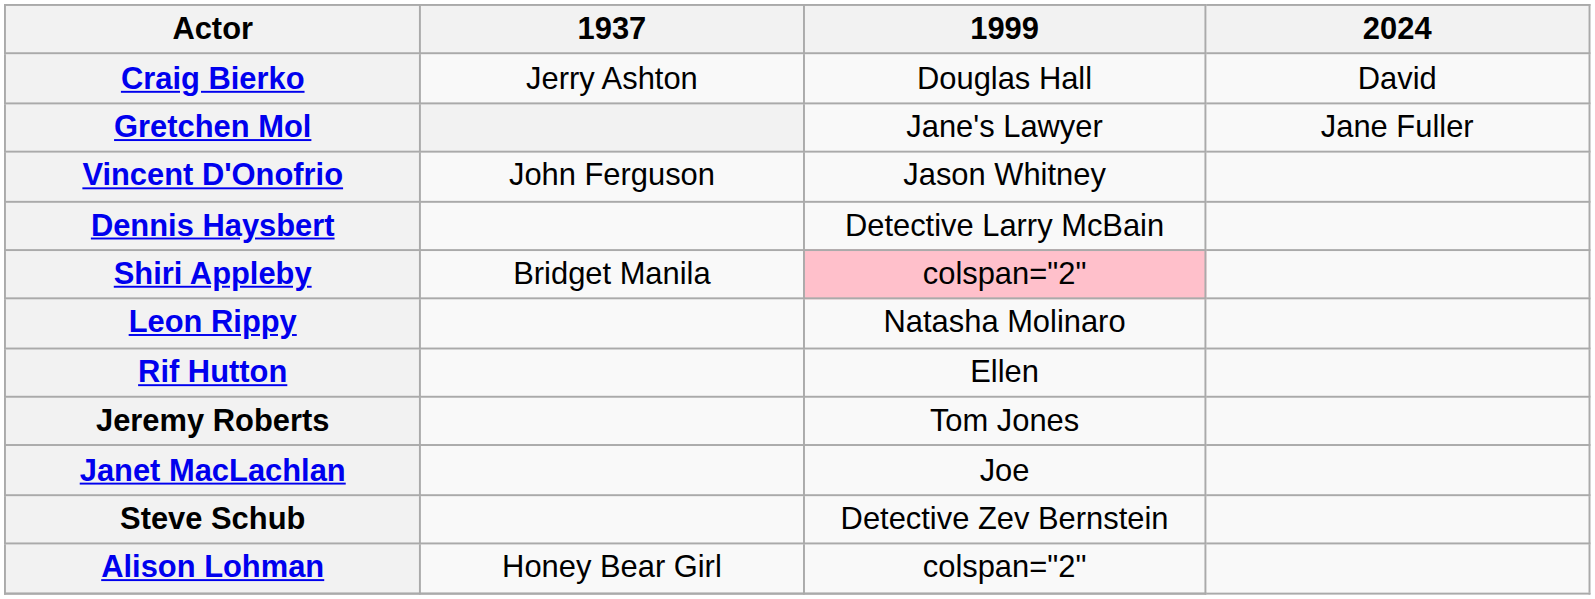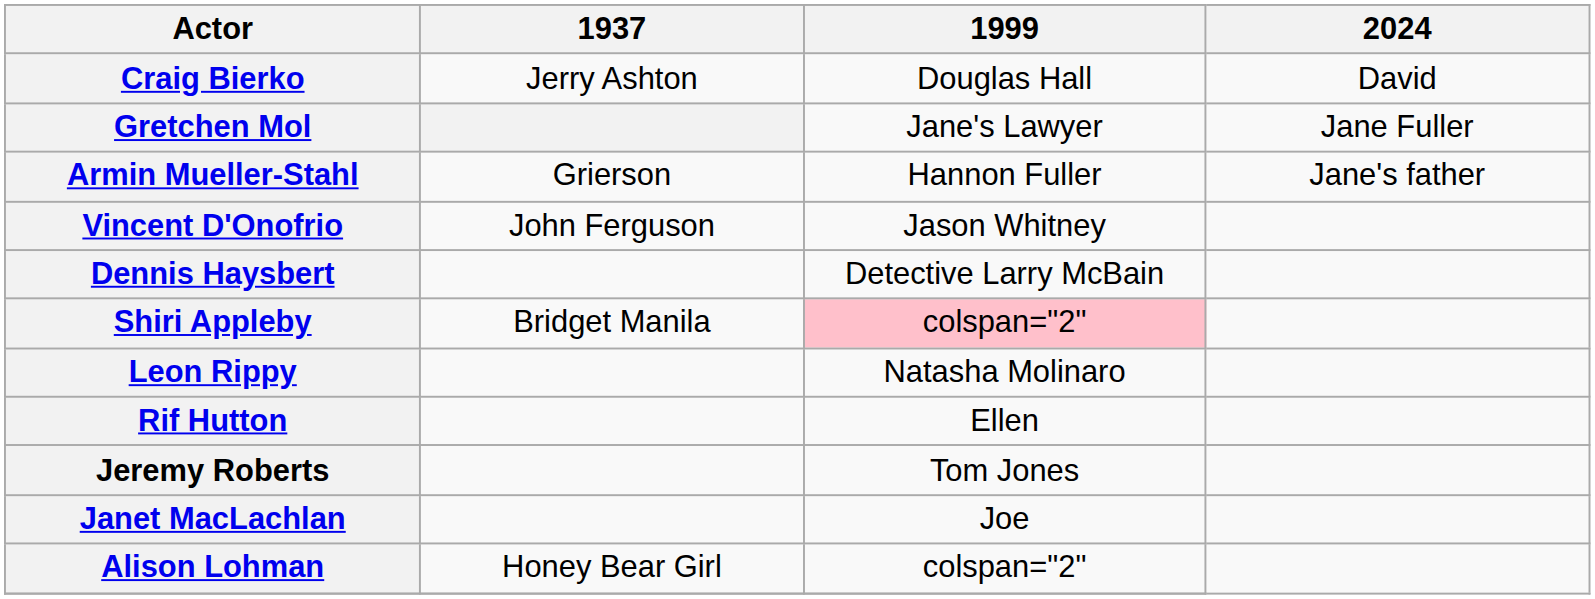 <table class="wikitable" width="65%" style="text-align:center;">
 <tr>
 <th align="center" width="10%">Actor</th>
 <th align="center" width="10%">1937</th>
 <th align="center" width="10%">1999</th>
 <th align="center" width="10%">2024</th>
 </tr>
 <tr>
 <th scope="row"><a href='#'>Craig Bierko</a></th>
 <td>Jerry Ashton</td>
 <td>Douglas Hall</td>
 <td>David</td>
 </tr>
 <tr>
 <th scope="row"><a href='#'>Gretchen Mol</a></th>
 <th></th>
 <td>Jane's Lawyer</td>
 <td>Jane Fuller</td>
+</tr>
+<tr>
+<th scope="row"><a href='#'>Armin Mueller-Stahl</a></th>
+<td>Grierson</td>
+<td>Hannon Fuller</td>
+<td>Jane's father</td>
 </tr>
 <tr>
 <th scope="row"><a href='#'>Vincent D'Onofrio</a></th>
 <td>John Ferguson</td>
 <td>Jason Whitney</td>
 <td></td>
 </tr>
 <tr>
 <th scope="row"><a href='#'>Dennis Haysbert</a></th>
 <td></td>
 <td>Detective Larry McBain</td>
 <td></td>
 </tr>
 <tr>
 <th scope="row"><a href='#'>Shiri Appleby</a></th>
 <td>Bridget Manila</td>
 <td style="background: pink;">colspan="2" </td>
 </tr>
 <tr>
 <th scope="row"><a href='#'>Leon Rippy</a></th>
 <td></td>
 <td>Natasha Molinaro</td>
 <td></td>
 </tr>
 <tr>
 <th scope="row"><a href='#'>Rif Hutton</a></th>
 <td></td>
 <td>Ellen</td>
 <td></td>
 </tr>
 <tr>
 <th scope="row">Jeremy Roberts</th>
 <td></td>
 <td>Tom Jones</td>
 <td></td>
 </tr>
 <tr>
 <th scope="row"><a href='#'>Janet MacLachlan</a></th>
 <td></td>
 <td>Joe</td>
 <td></td>
 </tr>
 <tr>
-<th scope="row">Steve Schub</th>
-<td></td>
-<td>Detective Zev Bernstein</td>
-<td></td>
-</tr>
-<tr>
 <th scope="row"><a href='#'>Alison Lohman</a></th>
 <td>Honey Bear Girl</td>
 <td>colspan="2" </td>
 </tr>
 <tr>
 </tr>
 </table>
